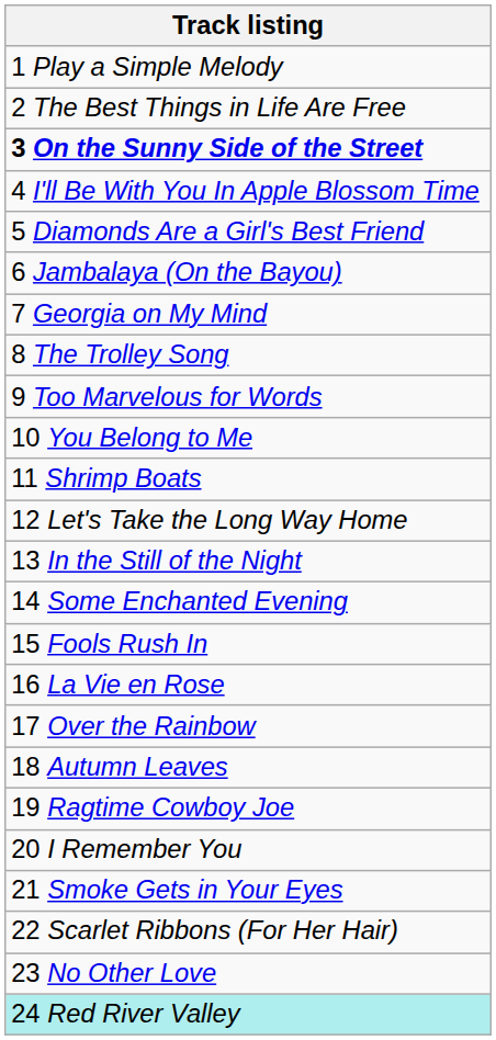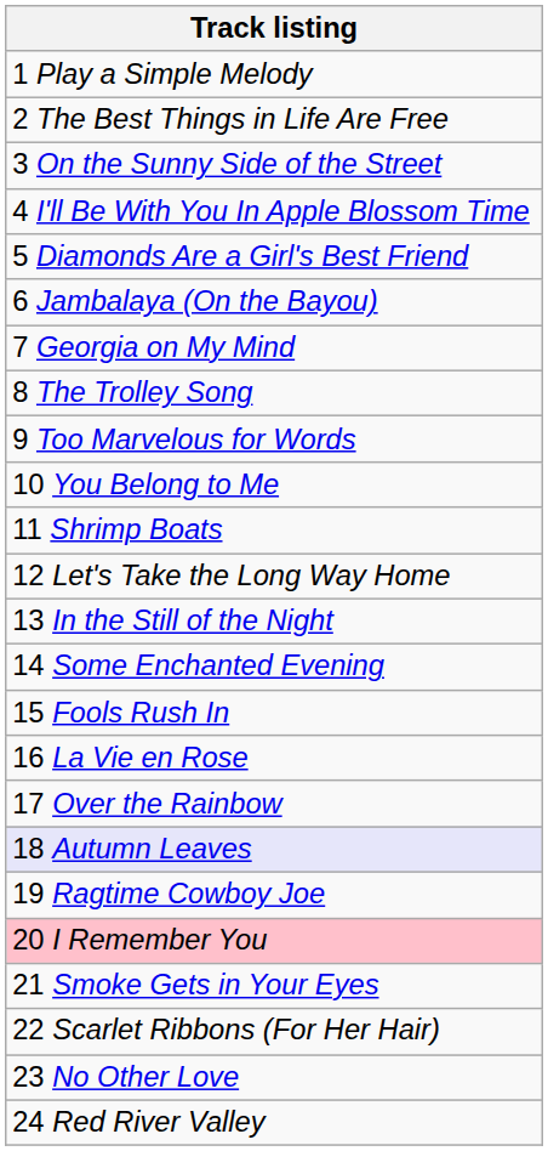 <table class="wikitable collapsible collapsed" style="width:300px;">
 <tr>
 <th>Track listing</th>
 </tr>
 <tr>
 <td>1 <em>Play a Simple Melody</em></td>
 </tr>
 <tr>
 <td>2 <em>The Best Things in Life Are Free</em></td>
 </tr>
 <tr>
-<td><strong>3 <em><a href='#'>On the Sunny Side of the Street</a></em></strong></td>
+<td>3 <em><a href='#'>On the Sunny Side of the Street</a></em></td>
 </tr>
 <tr>
 <td>4 <em><a href='#'>I'll Be With You In Apple Blossom Time</a></em></td>
 </tr>
 <tr>
 <td>5 <em><a href='#'>Diamonds Are a Girl's Best Friend</a></em></td>
 </tr>
 <tr>
 <td>6 <em><a href='#'>Jambalaya (On the Bayou)</a></em></td>
 </tr>
 <tr>
 <td>7 <em><a href='#'>Georgia on My Mind</a></em></td>
 </tr>
 <tr>
 <td>8 <em><a href='#'>The Trolley Song</a></em></td>
 </tr>
 <tr>
 <td>9 <em><a href='#'>Too Marvelous for Words</a></em></td>
 </tr>
 <tr>
 <td>10 <em><a href='#'>You Belong to Me</a></em></td>
 </tr>
 <tr>
 <td>11 <em><a href='#'>Shrimp Boats</a></em></td>
 </tr>
 <tr>
 <td>12 <em>Let's Take the Long Way Home</em></td>
 </tr>
 <tr>
 <td>13 <em><a href='#'>In the Still of the Night</a></em></td>
 </tr>
 <tr>
 <td>14 <em><a href='#'>Some Enchanted Evening</a></em></td>
 </tr>
 <tr>
 <td>15 <em><a href='#'>Fools Rush In</a></em></td>
 </tr>
 <tr>
 <td>16 <em><a href='#'>La Vie en Rose</a></em></td>
 </tr>
 <tr>
 <td>17 <em><a href='#'>Over the Rainbow</a></em></td>
 </tr>
 <tr>
-<td>18 <em><a href='#'>Autumn Leaves</a></em></td>
+<td style="background: lavender;">18 <em><a href='#'>Autumn Leaves</a></em></td>
 </tr>
 <tr>
 <td>19 <em><a href='#'>Ragtime Cowboy Joe</a></em></td>
 </tr>
 <tr>
-<td>20 <em>I Remember You</em></td>
+<td style="background: pink;">20 <em>I Remember You</em></td>
 </tr>
 <tr>
 <td>21 <em><a href='#'>Smoke Gets in Your Eyes</a></em></td>
 </tr>
 <tr>
 <td>22 <em>Scarlet Ribbons (For Her Hair)</em></td>
 </tr>
 <tr>
 <td>23 <em><a href='#'>No Other Love</a></em></td>
 </tr>
 <tr>
-<td style="background: paleturquoise;">24 <em>Red River Valley</em></td>
+<td>24 <em>Red River Valley</em></td>
 </tr>
 </table>
